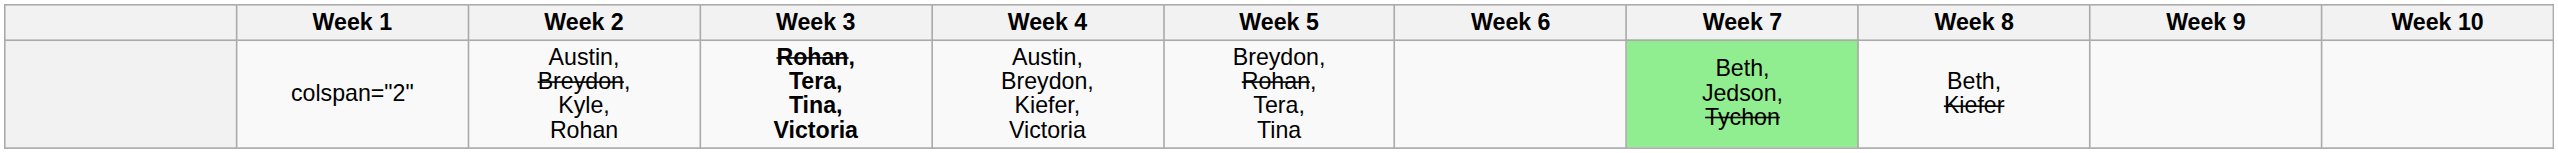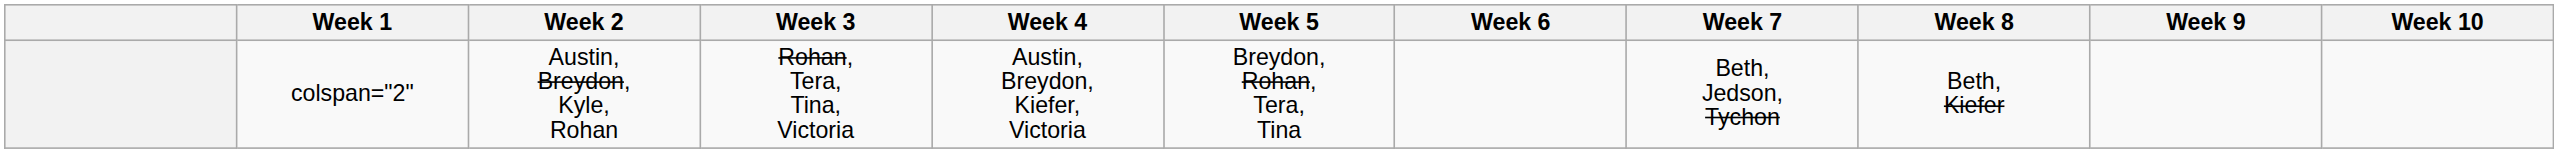 <table class="wikitable" style="text-align:center; font-size:90%; width:100%; line-height:15px;">
 <tr>
 <th style="width:7%"></th>
 <th style="width:7%">Week 1</th>
 <th style="width:7%">Week 2</th>
 <th style="width:7%">Week 3</th>
 <th style="width:7%">Week 4</th>
 <th style="width:7%">Week 5</th>
 <th style="width:7%">Week 6</th>
 <th style="width:7%">Week 7</th>
 <th style="width:7%">Week 8</th>
 <th style="width:7%">Week 9</th>
 <th style="width:7%">Week 10</th>
 </tr>
 <tr>
 <th></th>
 <td>colspan="2"</td>
 <td>Austin,<br><s>Breydon</s>,<br>Kyle,<br>Rohan</td>
-<td><strong><s>Rohan</s>,<br>Tera,<br>Tina,<br>Victoria</strong></td>
+<td><s>Rohan</s>,<br>Tera,<br>Tina,<br>Victoria</td>
 <td>Austin,<br>Breydon,<br>Kiefer,<br>Victoria</td>
 <td>Breydon,<br><s>Rohan</s>,<br>Tera,<br>Tina</td>
 <td></td>
-<td style="background: lightgreen;">Beth,<br>Jedson,<br><s>Tychon</s></td>
+<td>Beth,<br>Jedson,<br><s>Tychon</s></td>
 <td>Beth,<br> <s>Kiefer</s></td>
 <td></td>
 </tr>
 </table>
